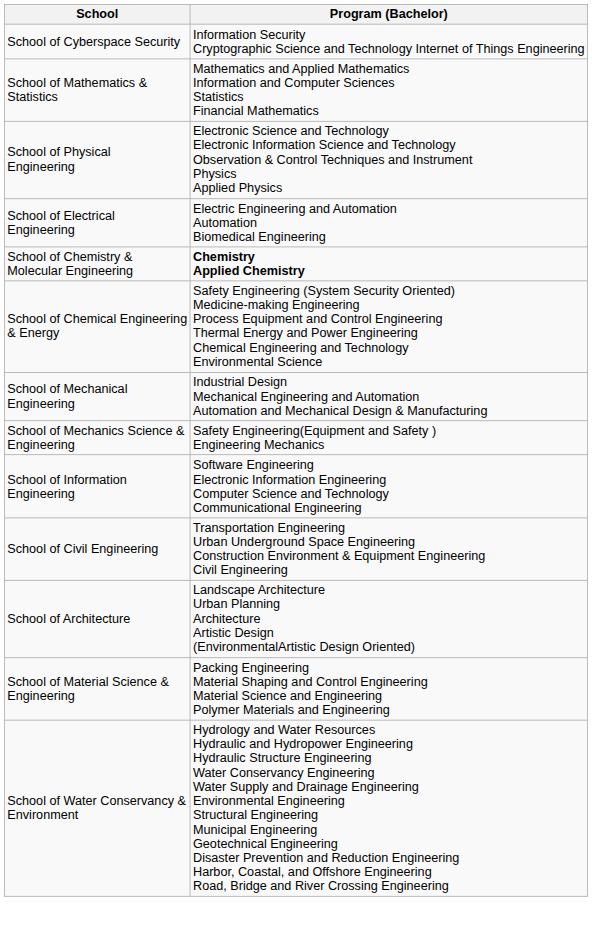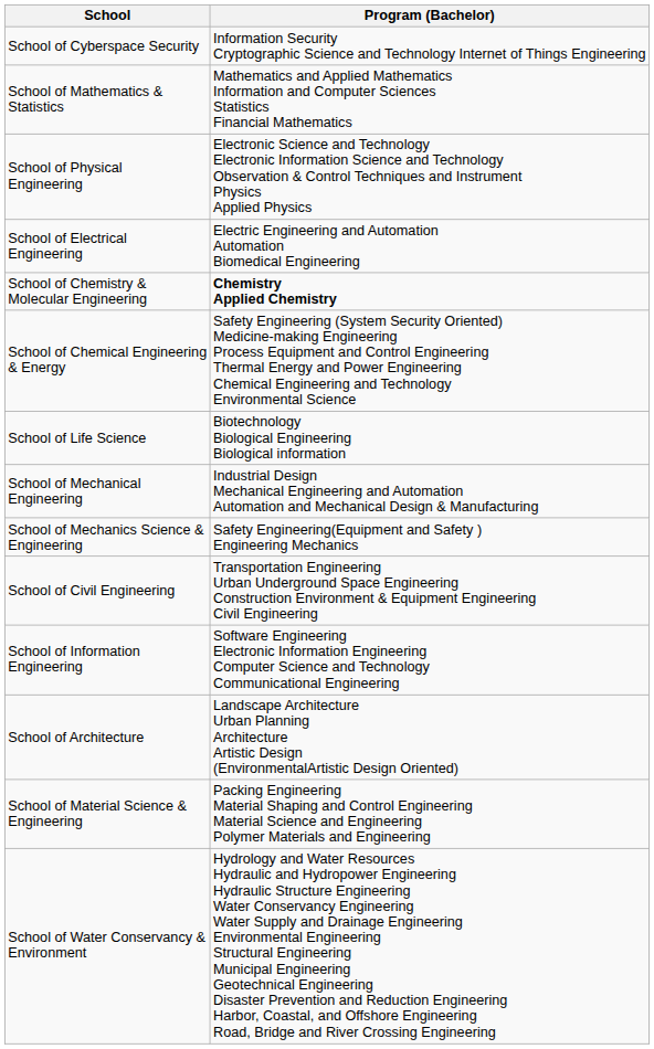 <table class="wikitable">
 <tr>
 <th>School</th>
 <th>Program (Bachelor)</th>
 </tr>
 <tr>
 <td>School of Cyberspace Security</td>
 <td>Information Security<br>Cryptographic Science and Technology Internet of Things Engineering</td>
 </tr>
 <tr>
 <td>School of Mathematics &<br>Statistics</td>
 <td>Mathematics and Applied Mathematics<br>Information and Computer Sciences<br>Statistics<br>Financial Mathematics</td>
 </tr>
 <tr>
 <td>School of Physical<br>Engineering</td>
 <td>Electronic Science and Technology<br>Electronic Information Science and Technology<br>Observation & Control Techniques and Instrument<br>Physics<br>Applied Physics</td>
 </tr>
 <tr>
 <td>School of Electrical<br>Engineering</td>
 <td>Electric Engineering and Automation<br>Automation<br>Biomedical Engineering</td>
 </tr>
 <tr>
 <td>School of Chemistry &<br>Molecular Engineering</td>
 <td><strong>Chemistry<br>Applied Chemistry</strong></td>
 </tr>
 <tr>
 <td>School of Chemical Engineering<br>&  Energy</td>
 <td>Safety Engineering  (System Security Oriented)<br>Medicine-making Engineering<br>Process Equipment and Control Engineering<br>Thermal Energy and Power Engineering<br>Chemical Engineering and Technology<br>Environmental Science</td>
 </tr>
 <tr>
+<td>School of Life Science</td>
+<td>Biotechnology<br>Biological Engineering<br>Biological information</td>
+</tr>
+<tr>
 <td>School of Mechanical<br>Engineering</td>
 <td>Industrial Design<br>Mechanical Engineering and Automation<br>Automation and Mechanical Design & Manufacturing</td>
 </tr>
 <tr>
 <td>School of Mechanics Science &<br>Engineering</td>
 <td>Safety Engineering(Equipment and Safety )<br>Engineering Mechanics</td>
 </tr>
 <tr>
+<td>School of Civil Engineering</td>
+<td>Transportation Engineering<br>Urban Underground Space Engineering<br>Construction Environment & Equipment Engineering<br>Civil Engineering</td>
+</tr>
+<tr>
 <td>School of Information<br>Engineering</td>
 <td>Software Engineering<br>Electronic Information Engineering<br>Computer Science and Technology<br>Communicational Engineering</td>
-</tr>
-<tr>
-<td>School of Civil Engineering</td>
-<td>Transportation Engineering<br>Urban Underground Space Engineering<br>Construction Environment & Equipment Engineering<br>Civil Engineering</td>
 </tr>
 <tr>
 <td>School of Architecture</td>
 <td>Landscape Architecture<br>Urban Planning<br>Architecture<br>Artistic Design<br>(EnvironmentalArtistic Design Oriented)</td>
 </tr>
 <tr>
 <td>School of Material Science &<br>Engineering</td>
 <td>Packing Engineering<br>Material Shaping and Control Engineering<br>Material Science and Engineering<br>Polymer Materials and Engineering</td>
 </tr>
 <tr>
 <td>School of Water Conservancy &<br>Environment</td>
 <td>Hydrology and Water Resources<br>Hydraulic and Hydropower Engineering<br>Hydraulic Structure Engineering<br>Water Conservancy Engineering<br>Water Supply and Drainage Engineering<br>Environmental Engineering<br>Structural Engineering<br>Municipal Engineering<br>Geotechnical Engineering<br>Disaster Prevention and Reduction Engineering<br>Harbor, Coastal, and Offshore Engineering<br>Road, Bridge and River Crossing Engineering</td>
 </tr>
 </table>
